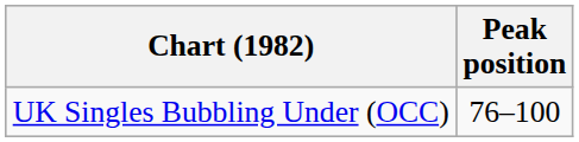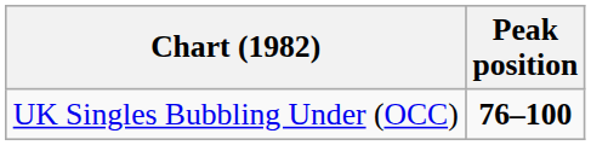 <table class="wikitable sortable" style=margin-right:1em;margin-bottom:0;>
 <tr>
 <th scope="col">Chart (1982)</th>
 <th scope="col">Peak<br>position</th>
 </tr>
 <tr>
 <td><a href='#'>UK Singles Bubbling Under</a> (<a href='#'>OCC</a>)</td>
-<td style="text-align:center;">76–100</td>
+<td style="text-align:center;"><strong>76–100</strong></td>
 </tr>
 </table>
